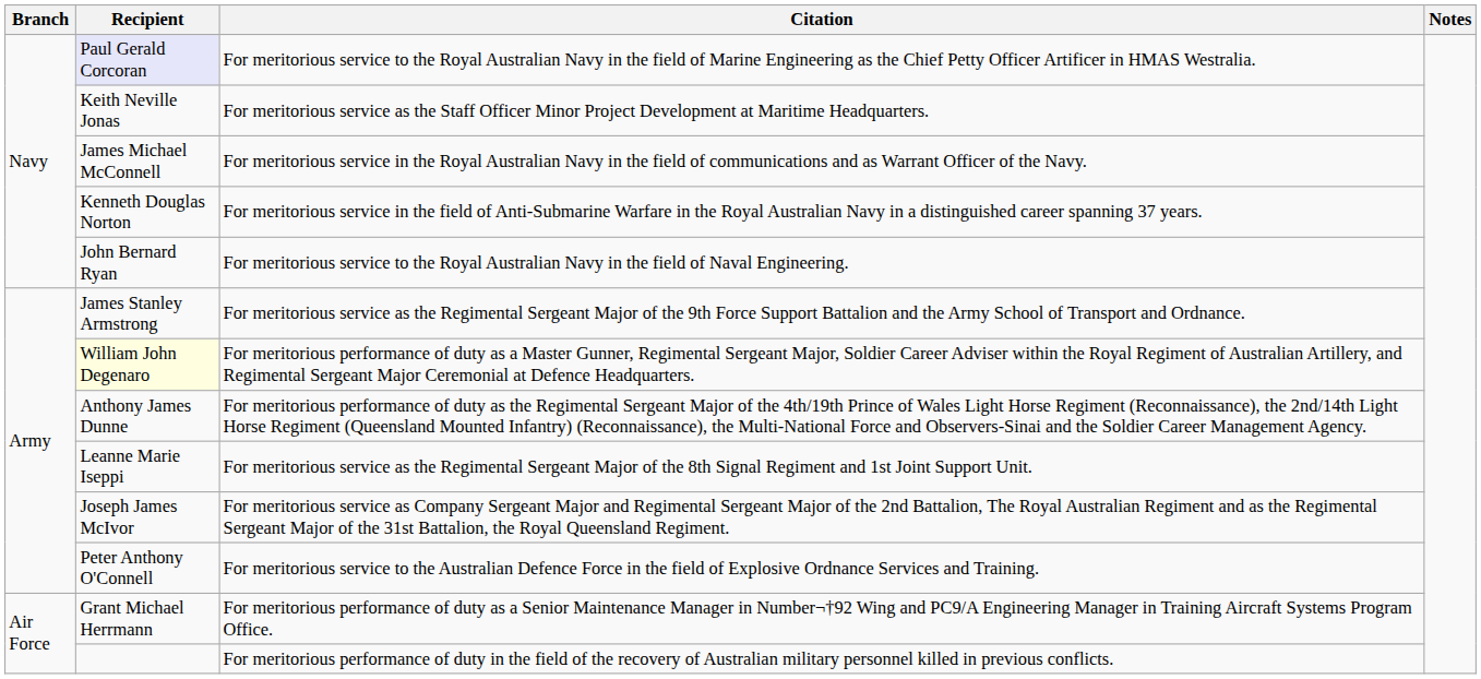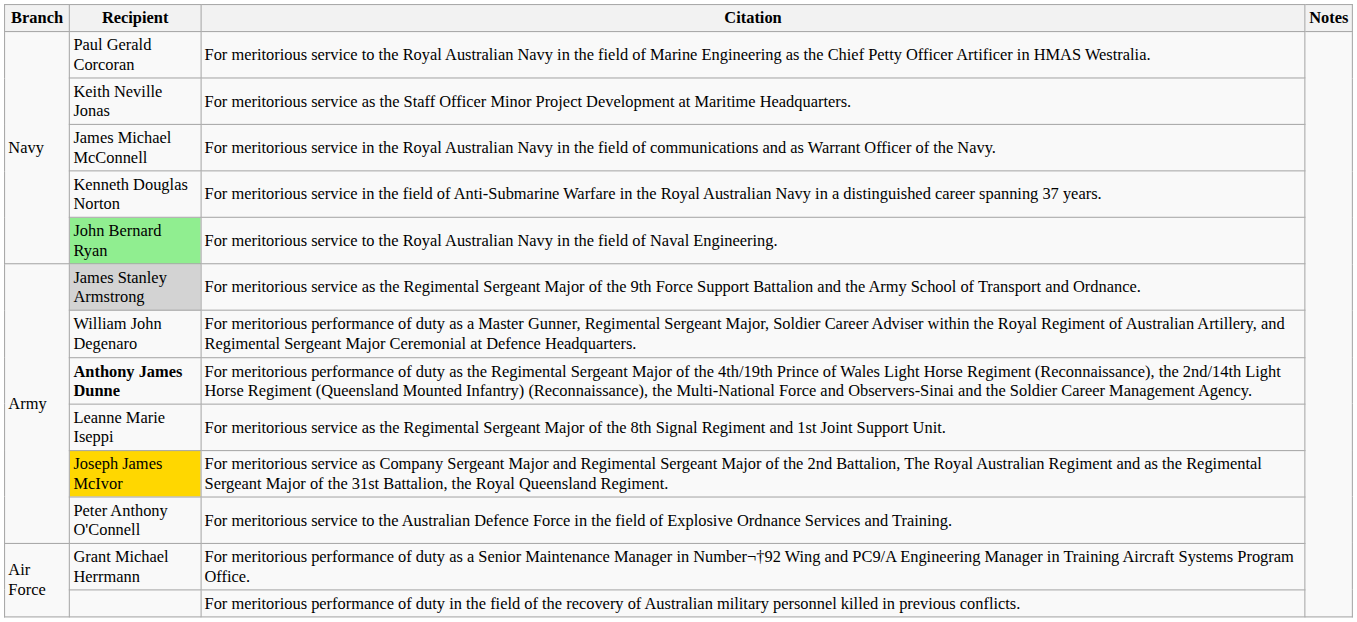 <table class="wikitable" style="font-size:95%;">
 <tr>
 <th>Branch</th>
 <th>Recipient</th>
 <th>Citation</th>
 <th>Notes</th>
 </tr>
 <tr>
 <td rowspan=5>Navy</td>
-<td style="background: lavender;"> Paul Gerald Corcoran</td>
+<td> Paul Gerald Corcoran</td>
 <td>For meritorious service to the Royal Australian Navy in the field of Marine Engineering as the Chief Petty Officer Artificer in HMAS Westralia.</td>
 <td rowspan=13></td>
 </tr>
 <tr>
 <td> Keith Neville Jonas</td>
 <td>For meritorious service as the Staff Officer Minor Project Development at Maritime Headquarters.</td>
 </tr>
 <tr>
 <td> James Michael McConnell</td>
 <td>For meritorious service in the Royal Australian Navy in the field of communications and as Warrant Officer of the Navy.</td>
 </tr>
 <tr>
 <td> Kenneth Douglas Norton</td>
 <td>For meritorious service in the field of Anti-Submarine Warfare in the Royal Australian Navy in a distinguished career spanning 37 years.</td>
 </tr>
 <tr>
-<td> John Bernard Ryan</td>
+<td style="background: lightgreen;"> John Bernard Ryan</td>
 <td>For meritorious service to the Royal Australian Navy in the field of Naval Engineering.</td>
 </tr>
 <tr>
 <td rowspan=6>Army</td>
-<td> James Stanley Armstrong</td>
+<td style="background: lightgrey;"> James Stanley Armstrong</td>
 <td>For meritorious service as the Regimental Sergeant Major of the 9th Force Support Battalion and the Army School of Transport and Ordnance.</td>
 </tr>
 <tr>
-<td style="background: lightyellow;"> William John Degenaro</td>
+<td> William John Degenaro</td>
 <td>For meritorious performance of duty as a Master Gunner, Regimental Sergeant Major, Soldier Career Adviser within the Royal Regiment of Australian Artillery, and Regimental Sergeant Major Ceremonial at Defence Headquarters.</td>
 </tr>
 <tr>
-<td> Anthony James Dunne</td>
+<td><strong> Anthony James Dunne</strong></td>
 <td>For meritorious performance of duty as the Regimental Sergeant Major of the 4th/19th Prince of Wales Light Horse Regiment (Reconnaissance), the 2nd/14th Light Horse Regiment (Queensland Mounted Infantry) (Reconnaissance), the Multi-National Force and Observers-Sinai and the Soldier Career Management Agency.</td>
 </tr>
 <tr>
 <td> Leanne Marie Iseppi</td>
 <td>For meritorious service as the Regimental Sergeant Major of the 8th Signal Regiment and 1st Joint Support Unit.</td>
 </tr>
 <tr>
-<td> Joseph James McIvor</td>
+<td style="background: gold;"> Joseph James McIvor</td>
 <td>For meritorious service as Company Sergeant Major and Regimental Sergeant Major of the 2nd Battalion, The Royal Australian Regiment and as the Regimental Sergeant Major of the 31st Battalion, the Royal Queensland Regiment.</td>
 </tr>
 <tr>
 <td> Peter Anthony O'Connell</td>
 <td>For meritorious service to the Australian Defence Force in the field of Explosive Ordnance Services and Training.</td>
 </tr>
 <tr>
 <td rowspan=2>Air Force</td>
 <td> Grant Michael Herrmann</td>
 <td>For meritorious performance of duty as a Senior Maintenance Manager in Number¬†92 Wing and PC9/A Engineering Manager in Training Aircraft Systems Program Office.</td>
 </tr>
 <tr>
 <td></td>
 <td>For meritorious performance of duty in the field of the recovery of Australian military personnel killed in previous conflicts.</td>
 </tr>
 </table>
